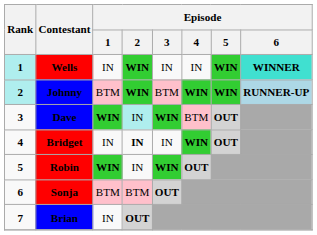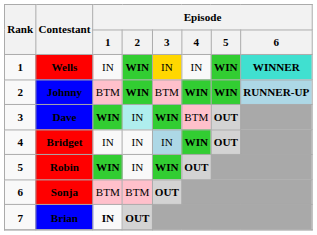 <table class="wikitable" style="text-align: center; font-size: 8.5pt; line-height:20px;">
 <tr>
 <th rowspan="2">Rank</th>
 <th rowspan="2">Contestant</th>
 <th colspan="6">Episode</th>
 </tr>
 <tr>
 <th>1</th>
 <th>2</th>
 <th>3</th>
 <th>4</th>
 <th>5</th>
 <th>6</th>
 </tr>
 <tr>
-<td style="background: paleturquoise;"><strong>1</strong></td>
+<td><strong>1</strong></td>
 <td style="background:red"><span><strong>Wells</strong> </span></td>
 <td>IN</td>
 <td style="background:limegreen;"><strong>WIN</strong></td>
-<td>IN</td>
+<td style="background: gold;">IN</td>
 <td>IN</td>
 <td style="background:limegreen;"><strong>WIN</strong></td>
 <td style="background:turquoise"><strong>WINNER</strong></td>
 </tr>
 <tr>
-<td style="background: paleturquoise;"><strong>2</strong></td>
+<td><strong>2</strong></td>
 <td style="background:blue"><span><strong>Johnny</strong></span></td>
 <td style="background:pink;">BTM</td>
 <td style="background:limegreen;"><strong>WIN</strong></td>
 <td style="background:pink;">BTM</td>
 <td style="background:limegreen;"><strong>WIN</strong></td>
 <td style="background:limegreen;"><strong>WIN</strong></td>
 <td style="background:lightblue"><strong>RUNNER-UP</strong></td>
 </tr>
 <tr>
 <td><strong>3</strong></td>
 <td style="background:blue"><span><strong>Dave</strong></span></td>
 <td style="background:limegreen;"><strong>WIN</strong></td>
 <td style="background: paleturquoise;">IN</td>
 <td style="background:limegreen;"><strong>WIN</strong></td>
 <td style="background:pink;">BTM</td>
 <td style="background:lightgray;"><strong>OUT</strong></td>
 <td colspan="1" style="background:darkgrey;"></td>
 </tr>
 <tr>
 <td><strong>4</strong></td>
 <td style="background:red"><span><strong>Bridget</strong></span></td>
 <td>IN</td>
-<td><strong>IN</strong></td>
 <td>IN</td>
+<td style="background: lightblue;">IN</td>
 <td style="background:limegreen;"><strong>WIN</strong></td>
 <td style="background:lightgray;"><strong>OUT</strong></td>
 <td colspan="1" style="background:darkgrey;"></td>
 </tr>
 <tr>
 <td><strong>5</strong></td>
 <td style="background:red"><span><strong>Robin</strong></span></td>
 <td style="background:limegreen;"><strong>WIN</strong></td>
 <td>IN</td>
 <td style="background:limegreen;"><strong>WIN</strong></td>
 <td style="background:lightgray;"><strong>OUT</strong></td>
 <td colspan="2" style="background:darkgrey;"></td>
 </tr>
 <tr>
 <td><strong>6</strong></td>
 <td style="background:red"><span><strong>Sonja</strong></span></td>
 <td style="background:pink;">BTM</td>
 <td style="background:pink;">BTM</td>
 <td style="background:lightgray;"><strong>OUT</strong></td>
 <td colspan="3" style="background:darkgrey;"></td>
 </tr>
 <tr>
 <td><strong>7</strong></td>
 <td style="background:blue"><span><strong>Brian</strong></span></td>
-<td>IN</td>
+<td><strong>IN</strong></td>
 <td style="background:lightgray;"><strong>OUT</strong></td>
 <td colspan="4" style="background:darkgrey;"></td>
 </tr>
 <tr>
 </tr>
 </table>
